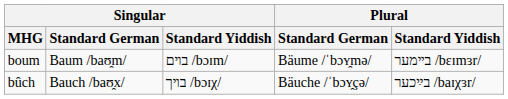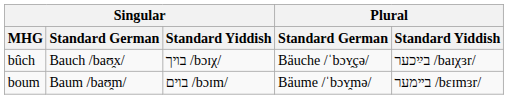 <table class="wikitable">
 <tr>
 <th colspan="3">Singular</th>
 <th colspan="2">Plural</th>
 </tr>
 <tr>
 <th>MHG</th>
 <th>Standard German</th>
 <th>Standard Yiddish</th>
 <th>Standard German</th>
 <th>Standard Yiddish</th>
 </tr>
 <tr>
+<td>bûch</td>
+<td>Bauch /baʊ̯x/</td>
+<td>בױך /bɔɪχ/</td>
+<td>Bäuche /ˈbɔʏ̯çə/</td>
+<td>בײַכער‎ /baɪχɜr/</td>
+</tr>
+<tr>
 <td>boum</td>
 <td>Baum /baʊ̯m/</td>
 <td>בױם /bɔɪm/</td>
 <td>Bäume /ˈbɔʏ̯mə/</td>
 <td>בײמער‎ /bɛɪmɜr/</td>
 </tr>
-<tr>
-<td>bûch</td>
-<td>Bauch /baʊ̯x/</td>
-<td>בױך /bɔɪχ/</td>
-<td>Bäuche /ˈbɔʏ̯çə/</td>
-<td>בײַכער‎ /baɪχɜr/</td>
-</tr>
 </table>
